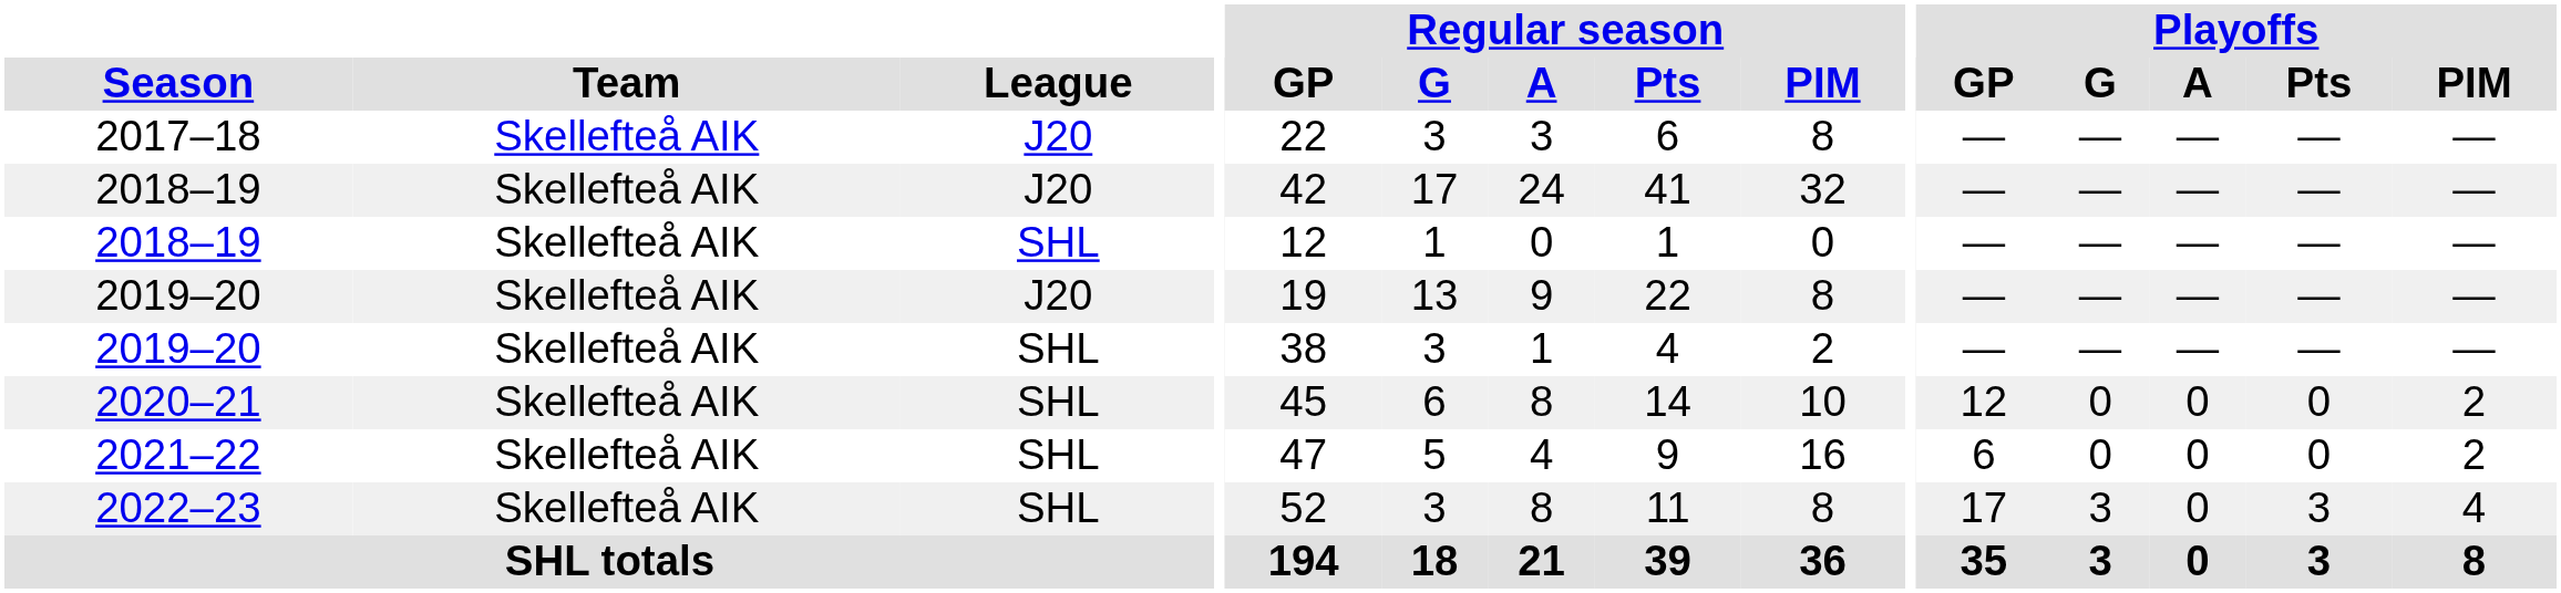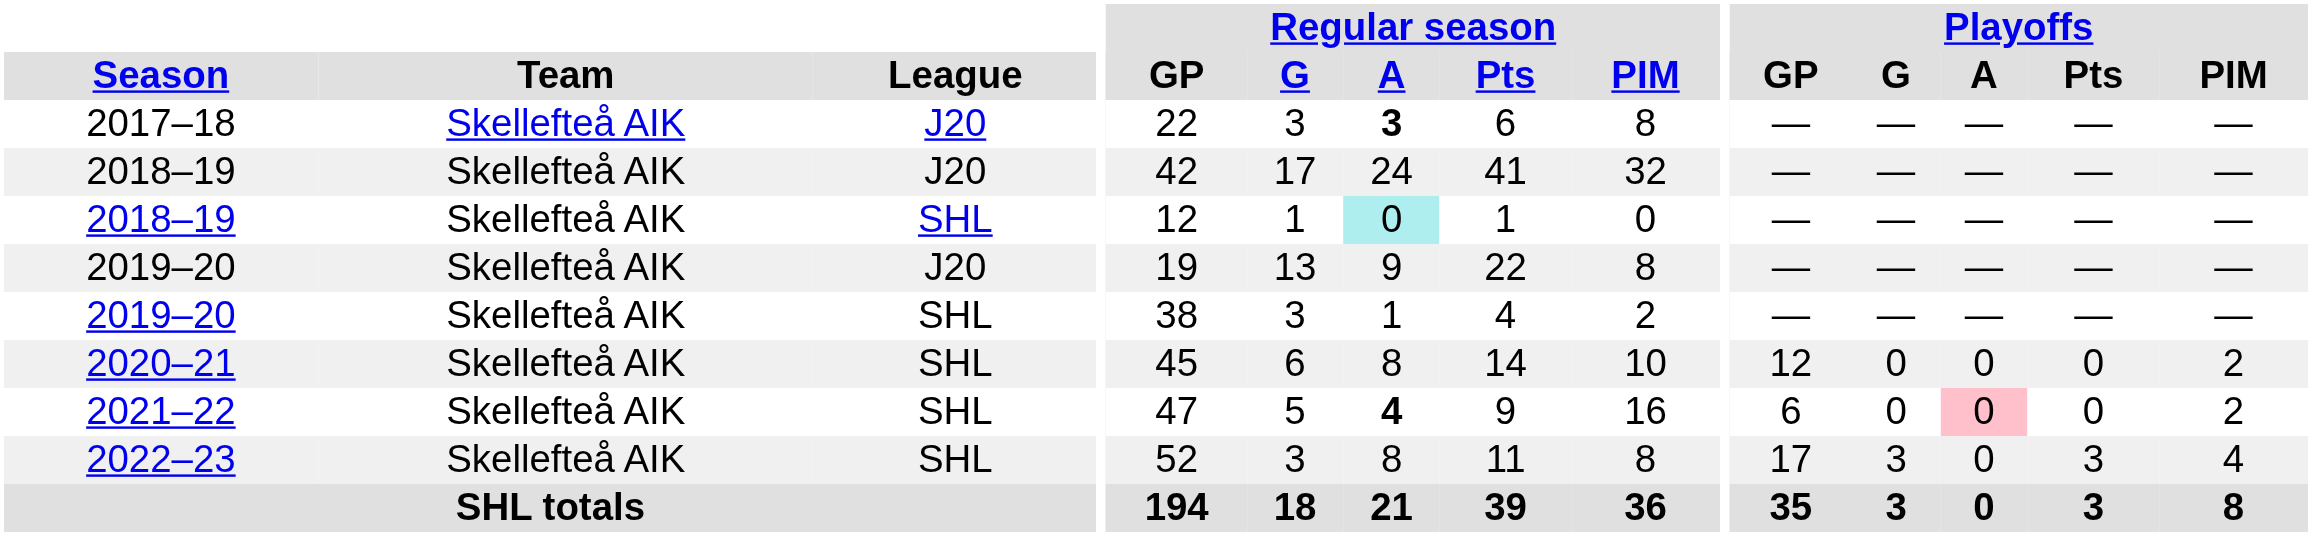 <table border="0" cellpadding="1" cellspacing="0" style="text-align:center; width:60em">
 <tr bgcolor="#e0e0e0">
 <th colspan="3" bgcolor="#ffffff"></th>
 <th rowspan="99" bgcolor="#ffffff"></th>
 <th colspan="5"><a href='#'>Regular season</a></th>
 <th rowspan="99" bgcolor="#ffffff"></th>
 <th colspan="5"><a href='#'>Playoffs</a></th>
 </tr>
 <tr bgcolor="#e0e0e0">
 <th><a href='#'>Season</a></th>
 <th>Team</th>
 <th>League</th>
 <th>GP</th>
 <th><a href='#'>G</a></th>
 <th><a href='#'>A</a></th>
 <th><a href='#'>Pts</a></th>
 <th><a href='#'>PIM</a></th>
 <th>GP</th>
 <th>G</th>
 <th>A</th>
 <th>Pts</th>
 <th>PIM</th>
 </tr>
 <tr>
 <td>2017–18</td>
 <td><a href='#'>Skellefteå AIK</a></td>
 <td><a href='#'>J20</a></td>
 <td>22</td>
 <td>3</td>
-<td>3</td>
+<td><strong>3</strong></td>
 <td>6</td>
 <td>8</td>
 <td>—</td>
 <td>—</td>
 <td>—</td>
 <td>—</td>
 <td>—</td>
 </tr>
 <tr style="background:#f0f0f0;">
 <td>2018–19</td>
 <td>Skellefteå AIK</td>
 <td>J20</td>
 <td>42</td>
 <td>17</td>
 <td>24</td>
 <td>41</td>
 <td>32</td>
 <td>—</td>
 <td>—</td>
 <td>—</td>
 <td>—</td>
 <td>—</td>
 </tr>
 <tr>
 <td><a href='#'>2018–19</a></td>
 <td>Skellefteå AIK</td>
 <td><a href='#'>SHL</a></td>
 <td>12</td>
 <td>1</td>
-<td>0</td>
+<td style="background: paleturquoise;">0</td>
 <td>1</td>
 <td>0</td>
 <td>—</td>
 <td>—</td>
 <td>—</td>
 <td>—</td>
 <td>—</td>
 </tr>
 <tr style="background:#f0f0f0;">
 <td>2019–20</td>
 <td>Skellefteå AIK</td>
 <td>J20</td>
 <td>19</td>
 <td>13</td>
 <td>9</td>
 <td>22</td>
 <td>8</td>
 <td>—</td>
 <td>—</td>
 <td>—</td>
 <td>—</td>
 <td>—</td>
 </tr>
 <tr>
 <td><a href='#'>2019–20</a></td>
 <td>Skellefteå AIK</td>
 <td>SHL</td>
 <td>38</td>
 <td>3</td>
 <td>1</td>
 <td>4</td>
 <td>2</td>
 <td>—</td>
 <td>—</td>
 <td>—</td>
 <td>—</td>
 <td>—</td>
 </tr>
 <tr style="background:#f0f0f0;">
 <td><a href='#'>2020–21</a></td>
 <td>Skellefteå AIK</td>
 <td>SHL</td>
 <td>45</td>
 <td>6</td>
 <td>8</td>
 <td>14</td>
 <td>10</td>
 <td>12</td>
 <td>0</td>
 <td>0</td>
 <td>0</td>
 <td>2</td>
 </tr>
 <tr>
 <td><a href='#'>2021–22</a></td>
 <td>Skellefteå AIK</td>
 <td>SHL</td>
 <td>47</td>
 <td>5</td>
-<td>4</td>
+<td><strong>4</strong></td>
 <td>9</td>
 <td>16</td>
 <td>6</td>
 <td>0</td>
-<td>0</td>
+<td style="background: pink;">0</td>
 <td>0</td>
 <td>2</td>
 </tr>
 <tr style="background:#f0f0f0;">
 <td><a href='#'>2022–23</a></td>
 <td>Skellefteå AIK</td>
 <td>SHL</td>
 <td>52</td>
 <td>3</td>
 <td>8</td>
 <td>11</td>
 <td>8</td>
 <td>17</td>
 <td>3</td>
 <td>0</td>
 <td>3</td>
 <td>4</td>
 </tr>
 <tr bgcolor="#e0e0e0">
 <th colspan="3">SHL totals</th>
 <th>194</th>
 <th>18</th>
 <th>21</th>
 <th>39</th>
 <th>36</th>
 <th>35</th>
 <th>3</th>
 <th>0</th>
 <th>3</th>
 <th>8</th>
 </tr>
 </table>
